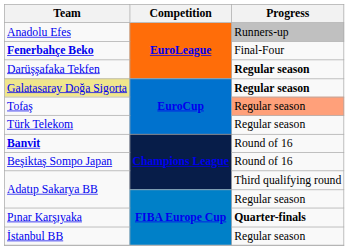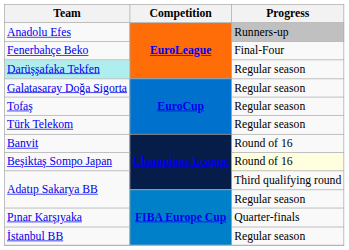 <table class="wikitable sortable">
 <tr>
 <th>Team</th>
 <th>Competition</th>
 <th>Progress</th>
 </tr>
 <tr>
 <td><a href='#'>Anadolu Efes</a></td>
 <td rowspan="3" style="background:#ff6d09;color:#ffffff;text-align:center"><strong><a href='#'><span>EuroLeague</span></a></strong></td>
 <td style="background:silver">Runners-up</td>
 </tr>
 <tr>
-<td><strong><a href='#'>Fenerbahçe Beko</a></strong></td>
+<td><a href='#'>Fenerbahçe Beko</a></td>
 <td>Final-Four</td>
 </tr>
 <tr>
-<td><a href='#'>Darüşşafaka Tekfen</a></td>
-<td><strong>Regular season</strong></td>
+<td style="background: paleturquoise;"><a href='#'>Darüşşafaka Tekfen</a></td>
+<td>Regular season</td>
 </tr>
 <tr>
-<td style="background: khaki;"><a href='#'>Galatasaray Doğa Sigorta</a></td>
+<td><a href='#'>Galatasaray Doğa Sigorta</a></td>
 <td rowspan="3" style="background-color:#0072CE;color:white;text-align:center"><strong><a href='#'><span>EuroCup</span></a></strong></td>
-<td><strong>Regular season</strong></td>
+<td>Regular season</td>
 </tr>
 <tr>
 <td><a href='#'>Tofaş</a></td>
-<td style="background: lightsalmon;">Regular season</td>
+<td>Regular season</td>
 </tr>
 <tr>
 <td><a href='#'>Türk Telekom</a></td>
 <td>Regular season</td>
 </tr>
 <tr>
-<td><strong><a href='#'>Banvit</a></strong></td>
+<td><a href='#'>Banvit</a></td>
 <td rowspan="3" style="background-color:#071D49;color:#D0D3D4;text-align:center"><strong><a href='#'><span>Champions League</span></a></strong></td>
 <td>Round of 16</td>
 </tr>
 <tr>
 <td><a href='#'>Beşiktaş Sompo Japan</a></td>
-<td>Round of 16</td>
+<td style="background: lightyellow;">Round of 16</td>
 </tr>
 <tr>
 <td rowspan=2><a href='#'>Adatıp Sakarya BB</a></td>
 <td>Third qualifying round</td>
 </tr>
 <tr>
 <td rowspan="3" style="background-color:#0080C8;color:#D0D3D4;text-align:center"><strong><a href='#'><span>FIBA Europe Cup</span></a></strong></td>
 <td>Regular season</td>
 </tr>
 <tr>
 <td><a href='#'>Pınar Karşıyaka</a></td>
-<td><strong>Quarter-finals</strong></td>
+<td>Quarter-finals</td>
 </tr>
 <tr>
 <td><a href='#'>İstanbul BB</a></td>
 <td>Regular season</td>
 </tr>
 <tr>
 </tr>
 </table>
